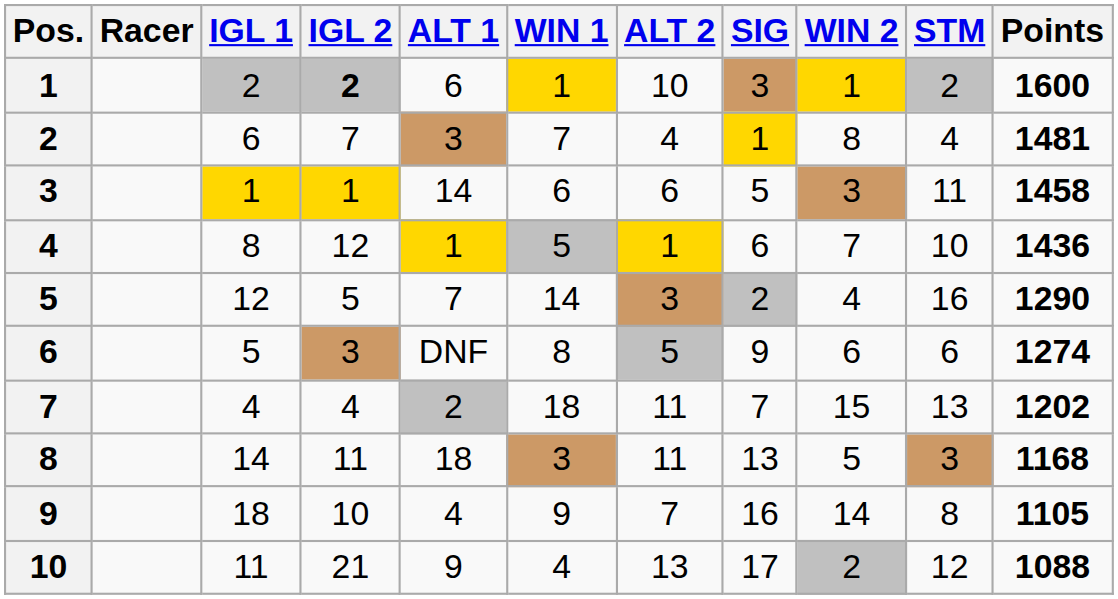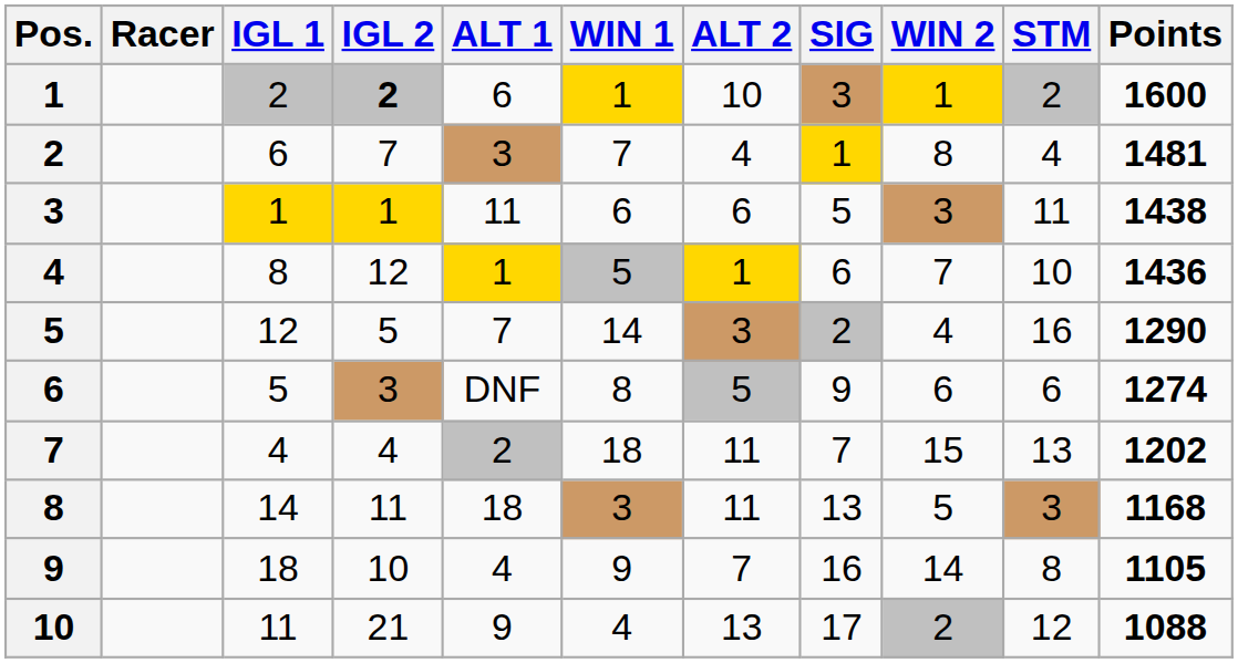 <table class="wikitable sortable plainrowheaders" style="text-align:center;">
 <tr>
 <th scope="col">Pos.</th>
 <th scope="col">Racer</th>
 <th scope="col"> <a href='#'>IGL 1</a></th>
 <th> <a href='#'>IGL 2</a></th>
 <th> <a href='#'>ALT 1</a></th>
 <th> <a href='#'>WIN 1</a></th>
 <th> <a href='#'>ALT 2</a></th>
 <th> <a href='#'>SIG</a></th>
 <th> <a href='#'>WIN 2</a></th>
 <th> <a href='#'>STM</a></th>
 <th style="width:45px;">Points</th>
 </tr>
 <tr>
 <th style="text-align:center;">1</th>
 <td align="left"></td>
 <td style="background:silver;">2</td>
 <td style="background:silver;"><strong>2</strong></td>
 <td>6</td>
 <td style="background:gold;">1</td>
 <td>10</td>
 <td style="background:#c96;">3</td>
 <td style="background:gold;">1</td>
 <td style="background:silver;">2</td>
 <td><strong>1600</strong></td>
 </tr>
 <tr>
 <th style="text-align:center;">2</th>
 <td align="left"></td>
 <td>6</td>
 <td>7</td>
 <td style="background:#c96;">3</td>
 <td>7</td>
 <td>4</td>
 <td style="background:gold;">1</td>
 <td>8</td>
 <td>4</td>
 <td><strong>1481</strong></td>
 </tr>
 <tr>
 <th style="text-align:center;">3</th>
 <td align="left"></td>
 <td style="background:gold;">1</td>
 <td style="background:gold;">1</td>
-<td>14</td>
+<td>11</td>
 <td>6</td>
 <td>6</td>
 <td>5</td>
 <td style="background:#c96;">3</td>
 <td>11</td>
-<td><strong>1458</strong></td>
+<td><strong>1438</strong></td>
 </tr>
 <tr>
 <th style="text-align:center;">4</th>
 <td align="left"></td>
 <td>8</td>
 <td>12</td>
 <td style="background:gold;">1</td>
 <td style="background:silver;">5</td>
 <td style="background:gold;">1</td>
 <td>6</td>
 <td>7</td>
 <td>10</td>
 <td><strong>1436</strong></td>
 </tr>
 <tr>
 <th style="text-align:center;">5</th>
 <td align="left"></td>
 <td>12</td>
 <td>5</td>
 <td>7</td>
 <td>14</td>
 <td style="background:#c96;">3</td>
 <td style="background:silver;">2</td>
 <td>4</td>
 <td>16</td>
 <td><strong>1290</strong></td>
 </tr>
 <tr>
 <th style="text-align:center;">6</th>
 <td align="left"></td>
 <td>5</td>
 <td style="background:#c96;">3</td>
 <td>DNF</td>
 <td>8</td>
 <td style="background:silver;">5</td>
 <td>9</td>
 <td>6</td>
 <td>6</td>
 <td><strong>1274</strong></td>
 </tr>
 <tr>
 <th style="text-align:center;">7</th>
 <td align="left"></td>
 <td>4</td>
 <td>4</td>
 <td style="background:silver;">2</td>
 <td>18</td>
 <td>11</td>
 <td>7</td>
 <td>15</td>
 <td>13</td>
 <td><strong>1202</strong></td>
 </tr>
 <tr>
 <th style="text-align:center;">8</th>
 <td align="left"></td>
 <td>14</td>
 <td>11</td>
 <td>18</td>
 <td style="background:#c96;">3</td>
 <td>11</td>
 <td>13</td>
 <td>5</td>
 <td style="background:#c96;">3</td>
 <td><strong>1168</strong></td>
 </tr>
 <tr>
 <th style="text-align:center;">9</th>
 <td align="left"></td>
 <td>18</td>
 <td>10</td>
 <td>4</td>
 <td>9</td>
 <td>7</td>
 <td>16</td>
 <td>14</td>
 <td>8</td>
 <td><strong>1105</strong></td>
 </tr>
 <tr>
 <th style="text-align:center;">10</th>
 <td align="left"></td>
 <td>11</td>
 <td>21</td>
 <td>9</td>
 <td>4</td>
 <td>13</td>
 <td>17</td>
 <td style="background:silver;">2</td>
 <td>12</td>
 <td><strong>1088</strong></td>
 </tr>
 </table>
